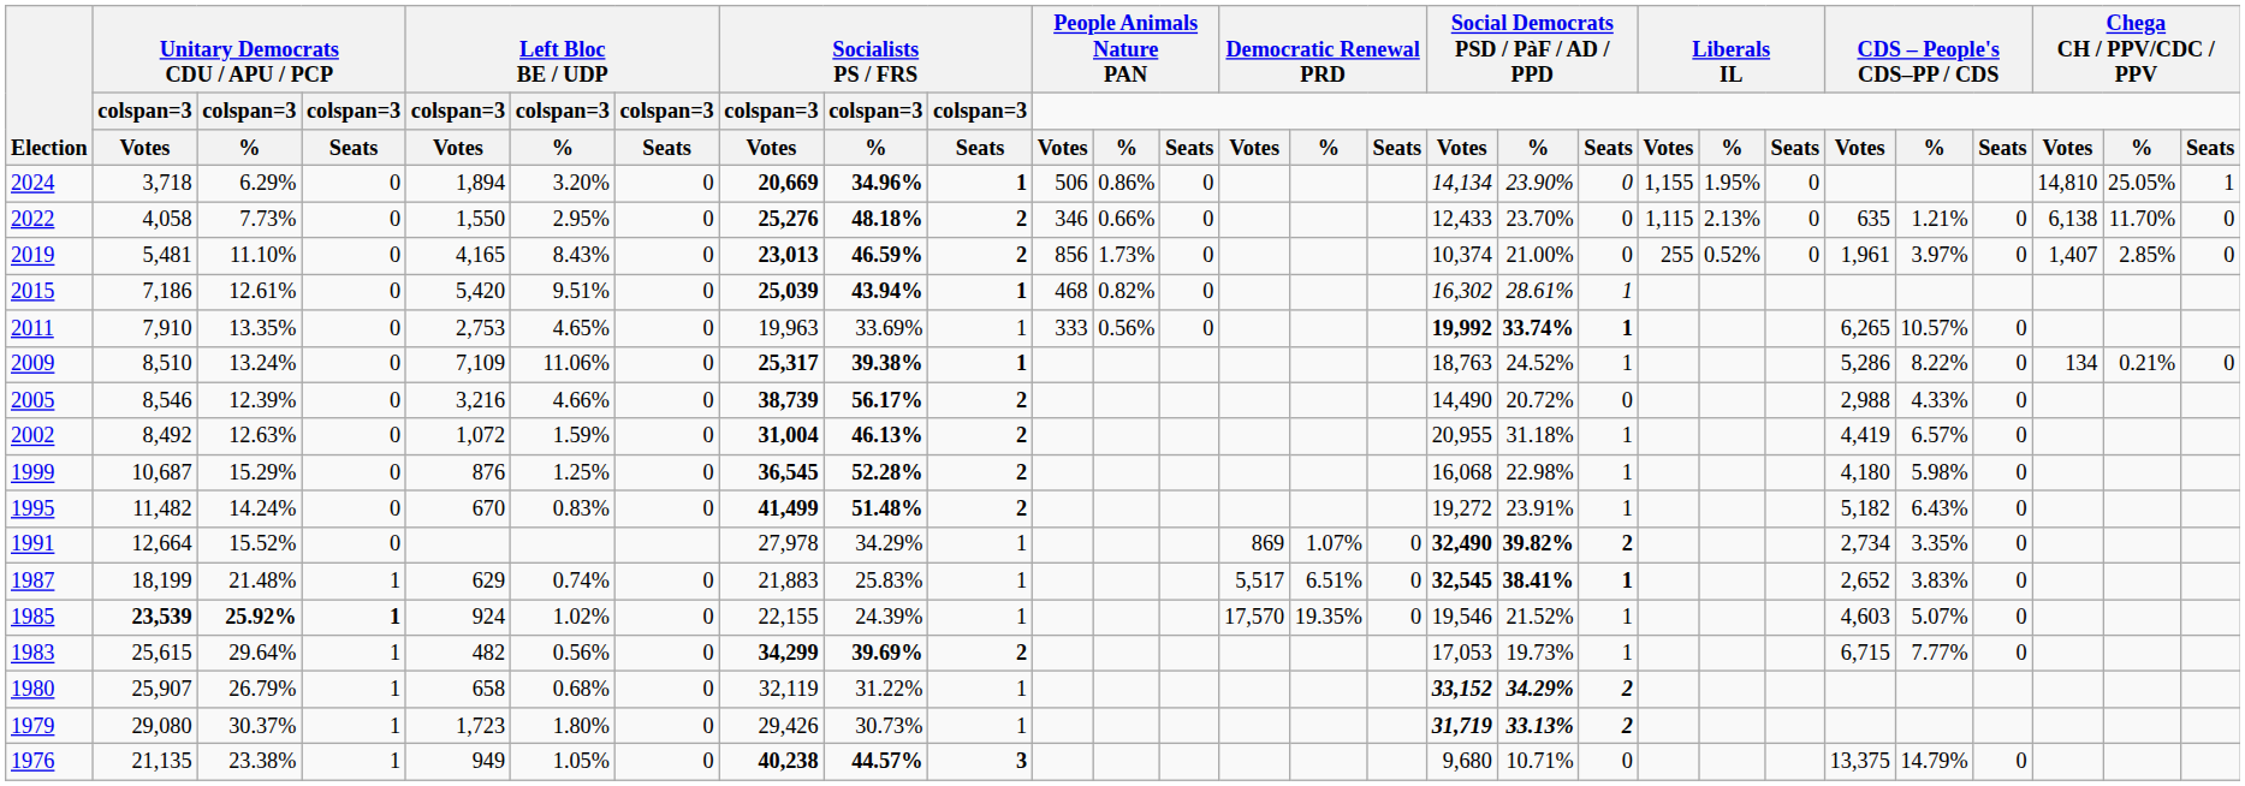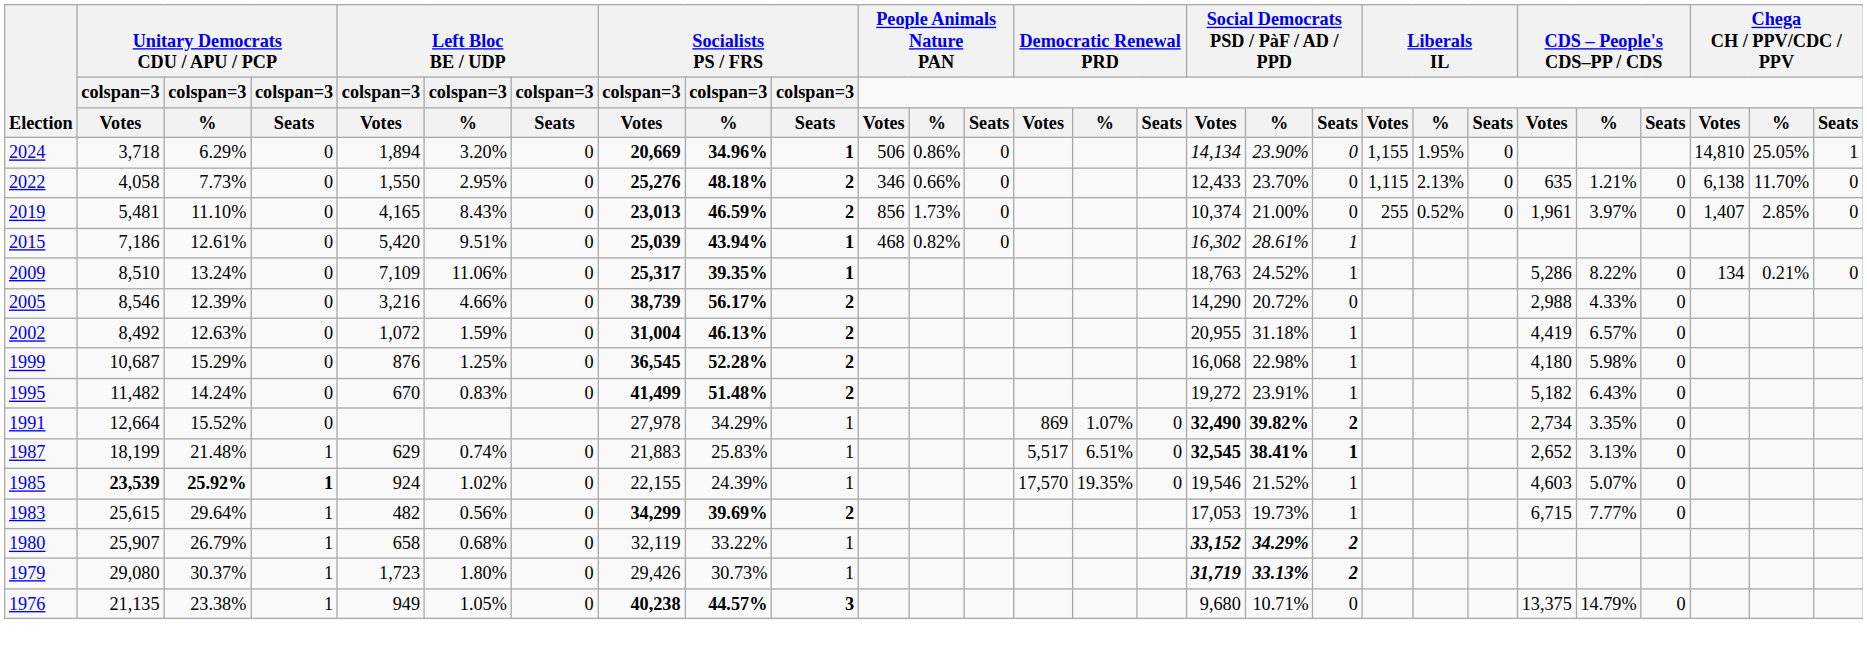 <table class="wikitable" border="1" style="font-size:85%; text-align:right;">
 <tr>
 <th style="text-align:left;" valign=bottom rowspan=3>Election</th>
 <th valign=bottom colspan=3><a href='#'>Unitary Democrats</a><br>CDU / APU / PCP</th>
 <th valign=bottom colspan=3><a href='#'>Left Bloc</a><br>BE / UDP</th>
 <th valign=bottom colspan=3><a href='#'>Socialists</a><br>PS / FRS</th>
 <th valign=bottom colspan=3><a href='#'>People Animals Nature</a><br>PAN</th>
 <th valign=bottom colspan=3><a href='#'>Democratic Renewal</a><br>PRD</th>
 <th valign=bottom colspan=3><a href='#'>Social Democrats</a><br>PSD / PàF / AD / PPD</th>
 <th valign=bottom colspan=3><a href='#'>Liberals</a><br>IL</th>
 <th valign=bottom colspan=3><a href='#'>CDS – People's</a><br>CDS–PP / CDS</th>
 <th valign=bottom colspan=3><a href='#'>Chega</a><br>CH / PPV/CDC / PPV</th>
 </tr>
 <tr>
 <th>colspan=3 </th>
 <th>colspan=3 </th>
 <th>colspan=3 </th>
 <th>colspan=3 </th>
 <th>colspan=3 </th>
 <th>colspan=3 </th>
 <th>colspan=3 </th>
 <th>colspan=3 </th>
 <th>colspan=3 </th>
 </tr>
 <tr>
 <th>Votes</th>
 <th>%</th>
 <th>Seats</th>
 <th>Votes</th>
 <th>%</th>
 <th>Seats</th>
 <th>Votes</th>
 <th>%</th>
 <th>Seats</th>
 <th>Votes</th>
 <th>%</th>
 <th>Seats</th>
 <th>Votes</th>
 <th>%</th>
 <th>Seats</th>
 <th>Votes</th>
 <th>%</th>
 <th>Seats</th>
 <th>Votes</th>
 <th>%</th>
 <th>Seats</th>
 <th>Votes</th>
 <th>%</th>
 <th>Seats</th>
 <th>Votes</th>
 <th>%</th>
 <th>Seats</th>
 </tr>
 <tr>
 <td align=left><a href='#'>2024</a></td>
 <td>3,718</td>
 <td>6.29%</td>
 <td>0</td>
 <td>1,894</td>
 <td>3.20%</td>
 <td>0</td>
 <td><strong>20,669</strong></td>
 <td><strong>34.96%</strong></td>
 <td><strong>1</strong></td>
 <td>506</td>
 <td>0.86%</td>
 <td>0</td>
 <td></td>
 <td></td>
 <td></td>
 <td><em>14,134</em></td>
 <td><em>23.90%</em></td>
 <td><em>0</em></td>
 <td>1,155</td>
 <td>1.95%</td>
 <td>0</td>
 <td></td>
 <td></td>
 <td></td>
 <td>14,810</td>
 <td>25.05%</td>
 <td>1</td>
 </tr>
 <tr>
 <td align=left><a href='#'>2022</a></td>
 <td>4,058</td>
 <td>7.73%</td>
 <td>0</td>
 <td>1,550</td>
 <td>2.95%</td>
 <td>0</td>
 <td><strong>25,276</strong></td>
 <td><strong>48.18%</strong></td>
 <td><strong>2</strong></td>
 <td>346</td>
 <td>0.66%</td>
 <td>0</td>
 <td></td>
 <td></td>
 <td></td>
 <td>12,433</td>
 <td>23.70%</td>
 <td>0</td>
 <td>1,115</td>
 <td>2.13%</td>
 <td>0</td>
 <td>635</td>
 <td>1.21%</td>
 <td>0</td>
 <td>6,138</td>
 <td>11.70%</td>
 <td>0</td>
 </tr>
 <tr>
 <td align=left><a href='#'>2019</a></td>
 <td>5,481</td>
 <td>11.10%</td>
 <td>0</td>
 <td>4,165</td>
 <td>8.43%</td>
 <td>0</td>
 <td><strong>23,013</strong></td>
 <td><strong>46.59%</strong></td>
 <td><strong>2</strong></td>
 <td>856</td>
 <td>1.73%</td>
 <td>0</td>
 <td></td>
 <td></td>
 <td></td>
 <td>10,374</td>
 <td>21.00%</td>
 <td>0</td>
 <td>255</td>
 <td>0.52%</td>
 <td>0</td>
 <td>1,961</td>
 <td>3.97%</td>
 <td>0</td>
 <td>1,407</td>
 <td>2.85%</td>
 <td>0</td>
 </tr>
 <tr>
 <td align=left><a href='#'>2015</a></td>
 <td>7,186</td>
 <td>12.61%</td>
 <td>0</td>
 <td>5,420</td>
 <td>9.51%</td>
 <td>0</td>
 <td><strong>25,039</strong></td>
 <td><strong>43.94%</strong></td>
 <td><strong>1</strong></td>
 <td>468</td>
 <td>0.82%</td>
 <td>0</td>
 <td></td>
 <td></td>
 <td></td>
 <td><em>16,302</em></td>
 <td><em>28.61%</em></td>
 <td><em>1</em></td>
 <td></td>
 <td></td>
 <td></td>
 <td></td>
 <td></td>
 <td></td>
 <td></td>
 <td></td>
 <td></td>
 </tr>
 <tr>
-<td align=left><a href='#'>2011</a></td>
-<td>7,910</td>
-<td>13.35%</td>
-<td>0</td>
-<td>2,753</td>
-<td>4.65%</td>
-<td>0</td>
-<td>19,963</td>
-<td>33.69%</td>
-<td>1</td>
-<td>333</td>
-<td>0.56%</td>
-<td>0</td>
-<td></td>
-<td></td>
-<td></td>
-<td><strong>19,992</strong></td>
-<td><strong>33.74%</strong></td>
-<td><strong>1</strong></td>
-<td></td>
-<td></td>
-<td></td>
-<td>6,265</td>
-<td>10.57%</td>
-<td>0</td>
-<td></td>
-<td></td>
-<td></td>
-</tr>
-<tr>
 <td align=left><a href='#'>2009</a></td>
 <td>8,510</td>
 <td>13.24%</td>
 <td>0</td>
 <td>7,109</td>
 <td>11.06%</td>
 <td>0</td>
 <td><strong>25,317</strong></td>
-<td><strong>39.38%</strong></td>
+<td><strong>39.35%</strong></td>
 <td><strong>1</strong></td>
 <td></td>
 <td></td>
 <td></td>
 <td></td>
 <td></td>
 <td></td>
 <td>18,763</td>
 <td>24.52%</td>
 <td>1</td>
 <td></td>
 <td></td>
 <td></td>
 <td>5,286</td>
 <td>8.22%</td>
 <td>0</td>
 <td>134</td>
 <td>0.21%</td>
 <td>0</td>
 </tr>
 <tr>
 <td align=left><a href='#'>2005</a></td>
 <td>8,546</td>
 <td>12.39%</td>
 <td>0</td>
 <td>3,216</td>
 <td>4.66%</td>
 <td>0</td>
 <td><strong>38,739</strong></td>
 <td><strong>56.17%</strong></td>
 <td><strong>2</strong></td>
 <td></td>
 <td></td>
 <td></td>
 <td></td>
 <td></td>
 <td></td>
-<td>14,490</td>
+<td>14,290</td>
 <td>20.72%</td>
 <td>0</td>
 <td></td>
 <td></td>
 <td></td>
 <td>2,988</td>
 <td>4.33%</td>
 <td>0</td>
 <td></td>
 <td></td>
 <td></td>
 </tr>
 <tr>
 <td align=left><a href='#'>2002</a></td>
 <td>8,492</td>
 <td>12.63%</td>
 <td>0</td>
 <td>1,072</td>
 <td>1.59%</td>
 <td>0</td>
 <td><strong>31,004</strong></td>
 <td><strong>46.13%</strong></td>
 <td><strong>2</strong></td>
 <td></td>
 <td></td>
 <td></td>
 <td></td>
 <td></td>
 <td></td>
 <td>20,955</td>
 <td>31.18%</td>
 <td>1</td>
 <td></td>
 <td></td>
 <td></td>
 <td>4,419</td>
 <td>6.57%</td>
 <td>0</td>
 <td></td>
 <td></td>
 <td></td>
 </tr>
 <tr>
 <td align=left><a href='#'>1999</a></td>
 <td>10,687</td>
 <td>15.29%</td>
 <td>0</td>
 <td>876</td>
 <td>1.25%</td>
 <td>0</td>
 <td><strong>36,545</strong></td>
 <td><strong>52.28%</strong></td>
 <td><strong>2</strong></td>
 <td></td>
 <td></td>
 <td></td>
 <td></td>
 <td></td>
 <td></td>
 <td>16,068</td>
 <td>22.98%</td>
 <td>1</td>
 <td></td>
 <td></td>
 <td></td>
 <td>4,180</td>
 <td>5.98%</td>
 <td>0</td>
 <td></td>
 <td></td>
 <td></td>
 </tr>
 <tr>
 <td align=left><a href='#'>1995</a></td>
 <td>11,482</td>
 <td>14.24%</td>
 <td>0</td>
 <td>670</td>
 <td>0.83%</td>
 <td>0</td>
 <td><strong>41,499</strong></td>
 <td><strong>51.48%</strong></td>
 <td><strong>2</strong></td>
 <td></td>
 <td></td>
 <td></td>
 <td></td>
 <td></td>
 <td></td>
 <td>19,272</td>
 <td>23.91%</td>
 <td>1</td>
 <td></td>
 <td></td>
 <td></td>
 <td>5,182</td>
 <td>6.43%</td>
 <td>0</td>
 <td></td>
 <td></td>
 <td></td>
 </tr>
 <tr>
 <td align=left><a href='#'>1991</a></td>
 <td>12,664</td>
 <td>15.52%</td>
 <td>0</td>
 <td></td>
 <td></td>
 <td></td>
 <td>27,978</td>
 <td>34.29%</td>
 <td>1</td>
 <td></td>
 <td></td>
 <td></td>
 <td>869</td>
 <td>1.07%</td>
 <td>0</td>
 <td><strong>32,490</strong></td>
 <td><strong>39.82%</strong></td>
 <td><strong>2</strong></td>
 <td></td>
 <td></td>
 <td></td>
 <td>2,734</td>
 <td>3.35%</td>
 <td>0</td>
 <td></td>
 <td></td>
 <td></td>
 </tr>
 <tr>
 <td align=left><a href='#'>1987</a></td>
 <td>18,199</td>
 <td>21.48%</td>
 <td>1</td>
 <td>629</td>
 <td>0.74%</td>
 <td>0</td>
 <td>21,883</td>
 <td>25.83%</td>
 <td>1</td>
 <td></td>
 <td></td>
 <td></td>
 <td>5,517</td>
 <td>6.51%</td>
 <td>0</td>
 <td><strong>32,545</strong></td>
 <td><strong>38.41%</strong></td>
 <td><strong>1</strong></td>
 <td></td>
 <td></td>
 <td></td>
 <td>2,652</td>
-<td>3.83%</td>
+<td>3.13%</td>
 <td>0</td>
 <td></td>
 <td></td>
 <td></td>
 </tr>
 <tr>
 <td align=left><a href='#'>1985</a></td>
 <td><strong>23,539</strong></td>
 <td><strong>25.92%</strong></td>
 <td><strong>1</strong></td>
 <td>924</td>
 <td>1.02%</td>
 <td>0</td>
 <td>22,155</td>
 <td>24.39%</td>
 <td>1</td>
 <td></td>
 <td></td>
 <td></td>
 <td>17,570</td>
 <td>19.35%</td>
 <td>0</td>
 <td>19,546</td>
 <td>21.52%</td>
 <td>1</td>
 <td></td>
 <td></td>
 <td></td>
 <td>4,603</td>
 <td>5.07%</td>
 <td>0</td>
 <td></td>
 <td></td>
 <td></td>
 </tr>
 <tr>
 <td align=left><a href='#'>1983</a></td>
 <td>25,615</td>
 <td>29.64%</td>
 <td>1</td>
 <td>482</td>
 <td>0.56%</td>
 <td>0</td>
 <td><strong>34,299</strong></td>
 <td><strong>39.69%</strong></td>
 <td><strong>2</strong></td>
 <td></td>
 <td></td>
 <td></td>
 <td></td>
 <td></td>
 <td></td>
 <td>17,053</td>
 <td>19.73%</td>
 <td>1</td>
 <td></td>
 <td></td>
 <td></td>
 <td>6,715</td>
 <td>7.77%</td>
 <td>0</td>
 <td></td>
 <td></td>
 <td></td>
 </tr>
 <tr>
 <td align=left><a href='#'>1980</a></td>
 <td>25,907</td>
 <td>26.79%</td>
 <td>1</td>
 <td>658</td>
 <td>0.68%</td>
 <td>0</td>
 <td>32,119</td>
-<td>31.22%</td>
+<td>33.22%</td>
 <td>1</td>
 <td></td>
 <td></td>
 <td></td>
 <td></td>
 <td></td>
 <td></td>
 <td><strong><em>33,152</em></strong></td>
 <td><strong><em>34.29%</em></strong></td>
 <td><strong><em>2</em></strong></td>
 <td></td>
 <td></td>
 <td></td>
 <td></td>
 <td></td>
 <td></td>
 <td></td>
 <td></td>
 <td></td>
 </tr>
 <tr>
 <td align=left><a href='#'>1979</a></td>
 <td>29,080</td>
 <td>30.37%</td>
 <td>1</td>
 <td>1,723</td>
 <td>1.80%</td>
 <td>0</td>
 <td>29,426</td>
 <td>30.73%</td>
 <td>1</td>
 <td></td>
 <td></td>
 <td></td>
 <td></td>
 <td></td>
 <td></td>
 <td><strong><em>31,719</em></strong></td>
 <td><strong><em>33.13%</em></strong></td>
 <td><strong><em>2</em></strong></td>
 <td></td>
 <td></td>
 <td></td>
 <td></td>
 <td></td>
 <td></td>
 <td></td>
 <td></td>
 <td></td>
 </tr>
 <tr>
 <td align=left><a href='#'>1976</a></td>
 <td>21,135</td>
 <td>23.38%</td>
 <td>1</td>
 <td>949</td>
 <td>1.05%</td>
 <td>0</td>
 <td><strong>40,238</strong></td>
 <td><strong>44.57%</strong></td>
 <td><strong>3</strong></td>
 <td></td>
 <td></td>
 <td></td>
 <td></td>
 <td></td>
 <td></td>
 <td>9,680</td>
 <td>10.71%</td>
 <td>0</td>
 <td></td>
 <td></td>
 <td></td>
 <td>13,375</td>
 <td>14.79%</td>
 <td>0</td>
 <td></td>
 <td></td>
 <td></td>
 </tr>
 </table>
